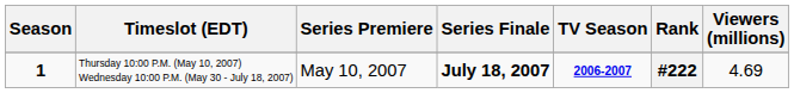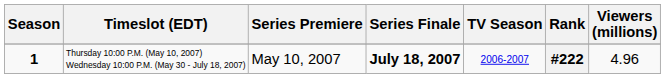 <table class="wikitable">
 <tr>
 <th>Season</th>
 <th>Timeslot (EDT)</th>
 <th>Series Premiere</th>
 <th>Series Finale</th>
 <th>TV Season</th>
 <th>Rank</th>
 <th>Viewers<br>(millions)</th>
 </tr>
 <tr>
 </tr>
 <tr style="background-color:#F9F9F9">
 <th style="background:#F9F9F9;text-align:center"><strong>1</strong></th>
 <th style="background:#F9F9F9;font-size:11px;font-weight:normal;text-align:left;line-height:110%"><small>Thursday 10:00 P.M.  (May 10, 2007)</small><br><small>Wednesday 10:00 P.M. (May 30 - July 18, 2007)</small></th>
 <td>May 10, 2007</td>
 <td><strong>July 18, 2007</strong></td>
-<td style="font-size:11px;text-align:center"><strong><a href='#'>2006-2007</a></strong></td>
+<td style="font-size:11px;text-align:center"><a href='#'>2006-2007</a></td>
 <th style="text-align:center"><strong>#222</strong></th>
-<td style="text-align:center">4.69</td>
+<td style="text-align:center">4.96</td>
 </tr>
 </table>
